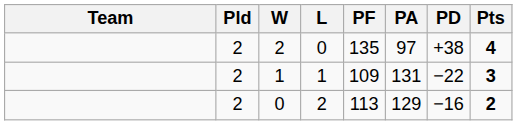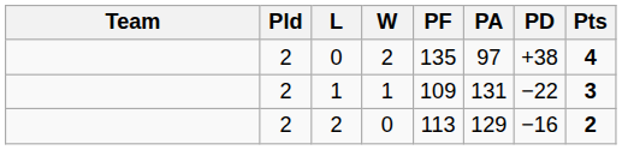 <table class=wikitable style="text-align:center">
 <tr>
 <th width=180>Team</th>
 <th width=30>Pld</th>
+<th width=30>L</th>
 <th width=30>W</th>
-<th width=30>L</th>
 <th width=30>PF</th>
 <th width=30>PA</th>
 <th width=30>PD</th>
 <th width=30>Pts</th>
 </tr>
 <tr align=center>
 <td align=left></td>
 <td>2</td>
+<td>0</td>
 <td>2</td>
-<td>0</td>
 <td>135</td>
 <td>97</td>
 <td>+38</td>
 <td><strong>4</strong></td>
 </tr>
 <tr align=center>
 <td align=left></td>
 <td>2</td>
 <td>1</td>
 <td>1</td>
 <td>109</td>
 <td>131</td>
 <td>−22</td>
 <td><strong>3</strong></td>
 </tr>
 <tr align=center>
 <td align=left></td>
 <td>2</td>
+<td>2</td>
 <td>0</td>
-<td>2</td>
 <td>113</td>
 <td>129</td>
 <td>−16</td>
 <td><strong>2</strong></td>
 </tr>
 </table>
